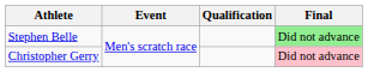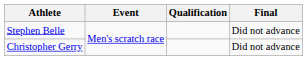 <table class="wikitable" style="font-size:90%;">
 <tr>
 <th>Athlete</th>
 <th>Event</th>
 <th>Qualification</th>
 <th>Final</th>
 </tr>
 <tr align=center>
 <td align=left><a href='#'>Stephen Belle</a></td>
 <td align=left rowspan=2><a href='#'>Men's scratch race</a></td>
 <td></td>
-<td style="background: lightgreen;">Did not advance</td>
+<td>Did not advance</td>
 </tr>
 <tr align=center>
 <td align=left><a href='#'>Christopher Gerry</a></td>
 <td></td>
-<td style="background: pink;">Did not advance</td>
+<td>Did not advance</td>
 </tr>
 </table>
